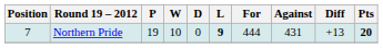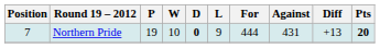 <table class="wikitable" style="text-align:center; font-size:85%;">
 <tr>
 <th width=40 abbr="Position">Position</th>
 <th width=100>Round 19 – 2012</th>
 <th width=20 abbr="Played">P</th>
 <th width=20 abbr="Won">W</th>
 <th width=20 abbr="Drawn">D</th>
 <th width=20 abbr="Lost">L</th>
 <th width=40 abbr="Points for">For</th>
 <th width=40 abbr="Points against">Against</th>
 <th width=40 abbr="Points difference">Diff</th>
 <th width=20 abbr="Points">Pts</th>
 </tr>
 <tr style="background: #d7ebed;">
 <td>7</td>
 <td style="text-align:left;"> <a href='#'>Northern Pride</a></td>
 <td>19</td>
 <td>10</td>
-<td>0</td>
-<td><strong>9</strong></td>
+<td><strong>0</strong></td>
+<td>9</td>
 <td>444</td>
 <td>431</td>
 <td>+13</td>
 <td><strong>20</strong></td>
 </tr>
 <tr>
 </tr>
 </table>
